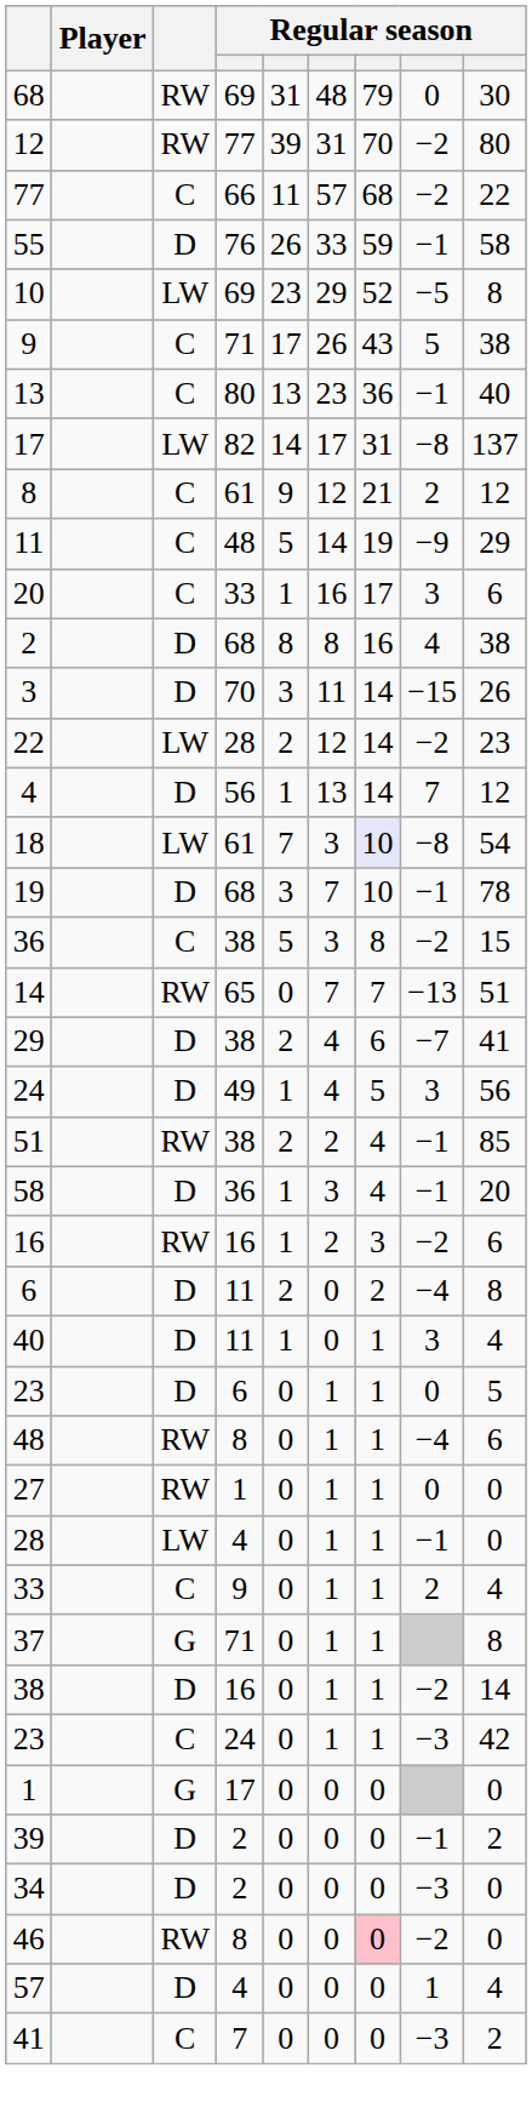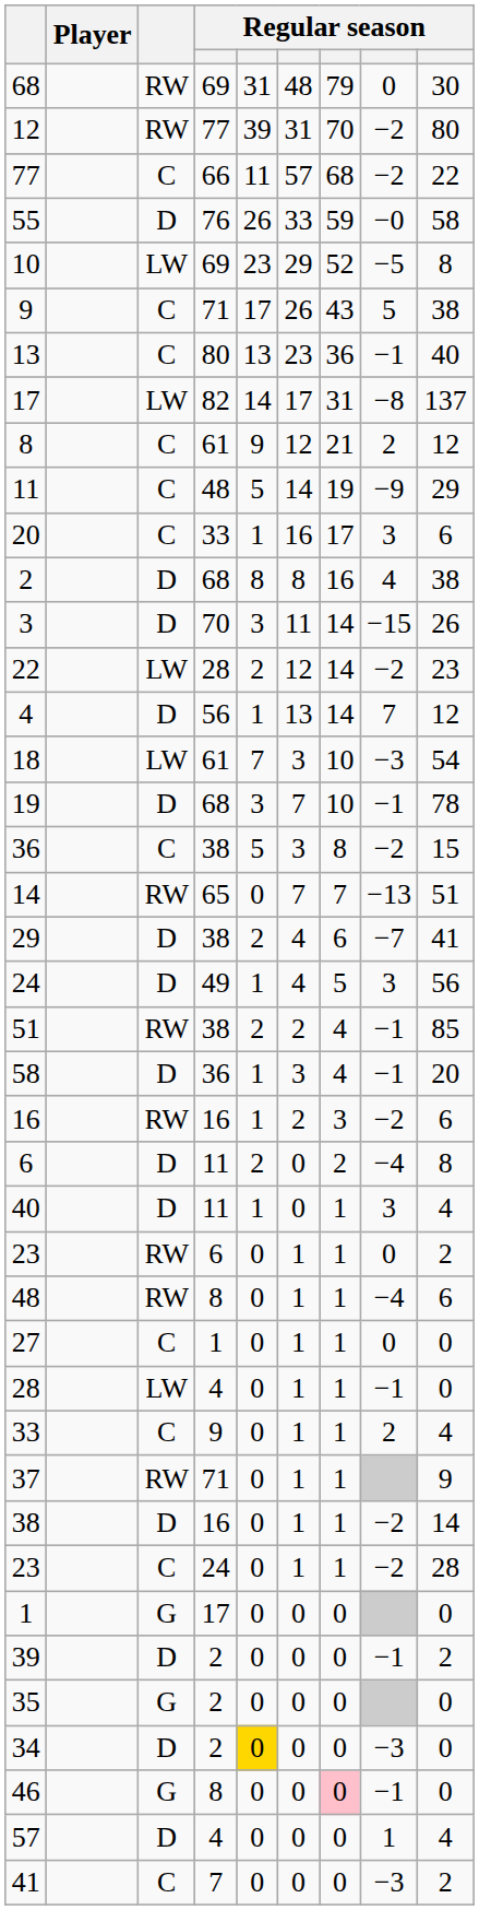 <table class="wikitable sortable plainrowheaders" style="text-align:center;">
 <tr>
 <th scope="col" data-sort-type="number" rowspan="2"></th>
 <th scope="col" rowspan="2">Player</th>
 <th scope="col" rowspan="2"></th>
 <th scope=colgroup colspan=6>Regular season</th>
 </tr>
 <tr>
 <th scope="col" data-sort-type="number"></th>
 <th scope="col" data-sort-type="number"></th>
 <th scope="col" data-sort-type="number"></th>
 <th scope="col" data-sort-type="number"></th>
 <th scope="col" data-sort-type="number"></th>
 <th scope="col" data-sort-type="number"></th>
 </tr>
 <tr>
 <td scope="row">68</td>
 <td align="left"></td>
 <td>RW</td>
 <td>69</td>
 <td>31</td>
 <td>48</td>
 <td>79</td>
 <td>0</td>
 <td>30</td>
 </tr>
 <tr>
 <td scope="row">12</td>
 <td align="left"></td>
 <td>RW</td>
 <td>77</td>
 <td>39</td>
 <td>31</td>
 <td>70</td>
 <td>−2</td>
 <td>80</td>
 </tr>
 <tr>
 <td scope="row">77</td>
 <td align="left"></td>
 <td>C</td>
 <td>66</td>
 <td>11</td>
 <td>57</td>
 <td>68</td>
 <td>−2</td>
 <td>22</td>
 </tr>
 <tr>
 <td scope="row">55</td>
 <td align="left"></td>
 <td>D</td>
 <td>76</td>
 <td>26</td>
 <td>33</td>
 <td>59</td>
-<td>−1</td>
+<td>−0</td>
 <td>58</td>
 </tr>
 <tr>
 <td scope="row">10</td>
 <td align="left"></td>
 <td>LW</td>
 <td>69</td>
 <td>23</td>
 <td>29</td>
 <td>52</td>
 <td>−5</td>
 <td>8</td>
 </tr>
 <tr>
 <td scope="row">9</td>
 <td align="left"></td>
 <td>C</td>
 <td>71</td>
 <td>17</td>
 <td>26</td>
 <td>43</td>
 <td>5</td>
 <td>38</td>
 </tr>
 <tr>
 <td scope="row">13</td>
 <td align="left"></td>
 <td>C</td>
 <td>80</td>
 <td>13</td>
 <td>23</td>
 <td>36</td>
 <td>−1</td>
 <td>40</td>
 </tr>
 <tr>
 <td scope="row">17</td>
 <td align="left"></td>
 <td>LW</td>
 <td>82</td>
 <td>14</td>
 <td>17</td>
 <td>31</td>
 <td>−8</td>
 <td>137</td>
 </tr>
 <tr>
 <td scope="row">8</td>
 <td align="left"></td>
 <td>C</td>
 <td>61</td>
 <td>9</td>
 <td>12</td>
 <td>21</td>
 <td>2</td>
 <td>12</td>
 </tr>
 <tr>
 <td scope="row">11</td>
 <td align="left"></td>
 <td>C</td>
 <td>48</td>
 <td>5</td>
 <td>14</td>
 <td>19</td>
 <td>−9</td>
 <td>29</td>
 </tr>
 <tr>
 <td scope="row">20</td>
 <td align="left"></td>
 <td>C</td>
 <td>33</td>
 <td>1</td>
 <td>16</td>
 <td>17</td>
 <td>3</td>
 <td>6</td>
 </tr>
 <tr>
 <td scope="row">2</td>
 <td align="left"></td>
 <td>D</td>
 <td>68</td>
 <td>8</td>
 <td>8</td>
 <td>16</td>
 <td>4</td>
 <td>38</td>
 </tr>
 <tr>
 <td scope="row">3</td>
 <td align="left"></td>
 <td>D</td>
 <td>70</td>
 <td>3</td>
 <td>11</td>
 <td>14</td>
 <td>−15</td>
 <td>26</td>
 </tr>
 <tr>
 <td scope="row">22</td>
 <td align="left"></td>
 <td>LW</td>
 <td>28</td>
 <td>2</td>
 <td>12</td>
 <td>14</td>
 <td>−2</td>
 <td>23</td>
 </tr>
 <tr>
 <td scope="row">4</td>
 <td align="left"></td>
 <td>D</td>
 <td>56</td>
 <td>1</td>
 <td>13</td>
 <td>14</td>
 <td>7</td>
 <td>12</td>
 </tr>
 <tr>
 <td scope="row">18</td>
 <td align="left"></td>
 <td>LW</td>
 <td>61</td>
 <td>7</td>
 <td>3</td>
-<td style="background: lavender;">10</td>
-<td>−8</td>
+<td>10</td>
+<td>−3</td>
 <td>54</td>
 </tr>
 <tr>
 <td scope="row">19</td>
 <td align="left"></td>
 <td>D</td>
 <td>68</td>
 <td>3</td>
 <td>7</td>
 <td>10</td>
 <td>−1</td>
 <td>78</td>
 </tr>
 <tr>
 <td scope="row">36</td>
 <td align="left"></td>
 <td>C</td>
 <td>38</td>
 <td>5</td>
 <td>3</td>
 <td>8</td>
 <td>−2</td>
 <td>15</td>
 </tr>
 <tr>
 <td scope="row">14</td>
 <td align="left"></td>
 <td>RW</td>
 <td>65</td>
 <td>0</td>
 <td>7</td>
 <td>7</td>
 <td>−13</td>
 <td>51</td>
 </tr>
 <tr>
 <td scope="row">29</td>
 <td align="left"></td>
 <td>D</td>
 <td>38</td>
 <td>2</td>
 <td>4</td>
 <td>6</td>
 <td>−7</td>
 <td>41</td>
 </tr>
 <tr>
 <td scope="row">24</td>
 <td align="left"></td>
 <td>D</td>
 <td>49</td>
 <td>1</td>
 <td>4</td>
 <td>5</td>
 <td>3</td>
 <td>56</td>
 </tr>
 <tr>
 <td scope="row">51</td>
 <td align="left"></td>
 <td>RW</td>
 <td>38</td>
 <td>2</td>
 <td>2</td>
 <td>4</td>
 <td>−1</td>
 <td>85</td>
 </tr>
 <tr>
 <td scope="row">58</td>
 <td align="left"></td>
 <td>D</td>
 <td>36</td>
 <td>1</td>
 <td>3</td>
 <td>4</td>
 <td>−1</td>
 <td>20</td>
 </tr>
 <tr>
 <td scope="row">16</td>
 <td align="left"></td>
 <td>RW</td>
 <td>16</td>
 <td>1</td>
 <td>2</td>
 <td>3</td>
 <td>−2</td>
 <td>6</td>
 </tr>
 <tr>
 <td scope="row">6</td>
 <td align="left"></td>
 <td>D</td>
 <td>11</td>
 <td>2</td>
 <td>0</td>
 <td>2</td>
 <td>−4</td>
 <td>8</td>
 </tr>
 <tr>
 <td scope="row">40</td>
 <td align="left"></td>
 <td>D</td>
 <td>11</td>
 <td>1</td>
 <td>0</td>
 <td>1</td>
 <td>3</td>
 <td>4</td>
 </tr>
 <tr>
 <td scope="row">23</td>
 <td align="left"></td>
-<td>D</td>
+<td>RW</td>
 <td>6</td>
 <td>0</td>
 <td>1</td>
 <td>1</td>
 <td>0</td>
-<td>5</td>
+<td>2</td>
 </tr>
 <tr>
 <td scope="row">48</td>
 <td align="left"></td>
 <td>RW</td>
 <td>8</td>
 <td>0</td>
 <td>1</td>
 <td>1</td>
 <td>−4</td>
 <td>6</td>
 </tr>
 <tr>
 <td scope="row">27</td>
 <td align="left"></td>
-<td>RW</td>
+<td>C</td>
 <td>1</td>
 <td>0</td>
 <td>1</td>
 <td>1</td>
 <td>0</td>
 <td>0</td>
 </tr>
 <tr>
 <td scope="row">28</td>
 <td align="left"></td>
 <td>LW</td>
 <td>4</td>
 <td>0</td>
 <td>1</td>
 <td>1</td>
 <td>−1</td>
 <td>0</td>
 </tr>
 <tr>
 <td scope="row">33</td>
 <td align="left"></td>
 <td>C</td>
 <td>9</td>
 <td>0</td>
 <td>1</td>
 <td>1</td>
 <td>2</td>
 <td>4</td>
 </tr>
 <tr>
 <td scope="row">37</td>
 <td align="left"></td>
-<td>G</td>
+<td>RW</td>
 <td>71</td>
 <td>0</td>
 <td>1</td>
 <td>1</td>
 <td style="background:#ccc"></td>
-<td>8</td>
+<td>9</td>
 </tr>
 <tr>
 <td scope="row">38</td>
 <td align="left"></td>
 <td>D</td>
 <td>16</td>
 <td>0</td>
 <td>1</td>
 <td>1</td>
 <td>−2</td>
 <td>14</td>
 </tr>
 <tr>
 <td scope="row">23</td>
 <td align="left"></td>
 <td>C</td>
 <td>24</td>
 <td>0</td>
 <td>1</td>
 <td>1</td>
-<td>−3</td>
-<td>42</td>
+<td>−2</td>
+<td>28</td>
 </tr>
 <tr>
 <td scope="row">1</td>
 <td align="left"></td>
 <td>G</td>
 <td>17</td>
 <td>0</td>
 <td>0</td>
 <td>0</td>
 <td style="background:#ccc"></td>
 <td>0</td>
 </tr>
 <tr>
 <td scope="row">39</td>
 <td align="left"></td>
 <td>D</td>
 <td>2</td>
 <td>0</td>
 <td>0</td>
 <td>0</td>
 <td>−1</td>
 <td>2</td>
 </tr>
 <tr>
+<td scope="row">35</td>
+<td align="left"></td>
+<td>G</td>
+<td>2</td>
+<td>0</td>
+<td>0</td>
+<td>0</td>
+<td style="background:#ccc"></td>
+<td>0</td>
+</tr>
+<tr>
 <td scope="row">34</td>
 <td align="left"></td>
 <td>D</td>
 <td>2</td>
-<td>0</td>
+<td style="background: gold;">0</td>
 <td>0</td>
 <td>0</td>
 <td>−3</td>
 <td>0</td>
 </tr>
 <tr>
 <td scope="row">46</td>
 <td align="left"></td>
-<td>RW</td>
+<td>G</td>
 <td>8</td>
 <td>0</td>
 <td>0</td>
 <td style="background: pink;">0</td>
-<td>−2</td>
+<td>−1</td>
 <td>0</td>
 </tr>
 <tr>
 <td scope="row">57</td>
 <td align="left"></td>
 <td>D</td>
 <td>4</td>
 <td>0</td>
 <td>0</td>
 <td>0</td>
 <td>1</td>
 <td>4</td>
 </tr>
 <tr>
 <td scope="row">41</td>
 <td align="left"></td>
 <td>C</td>
 <td>7</td>
 <td>0</td>
 <td>0</td>
 <td>0</td>
 <td>−3</td>
 <td>2</td>
 </tr>
 </table>
